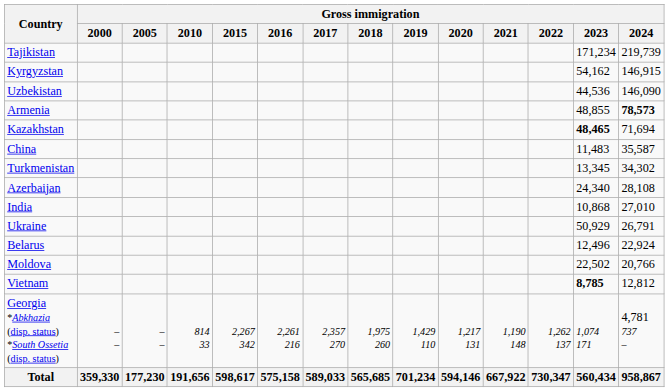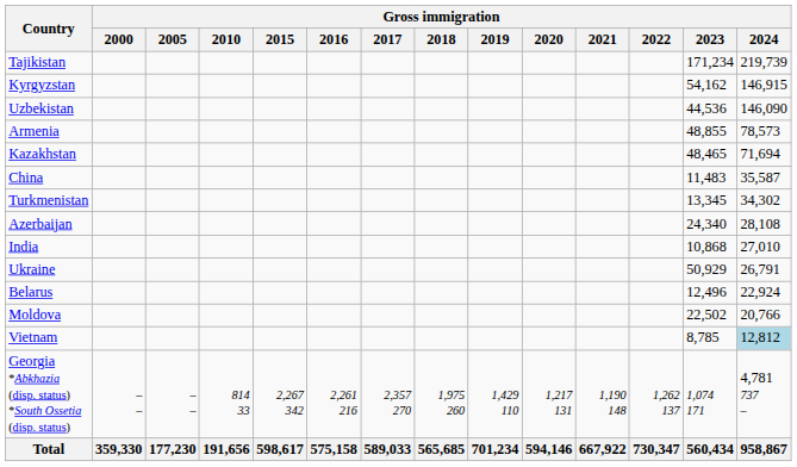 <table class="nowrap sortable mw-datatable wikitable sortable">
 <tr>
 <th rowspan=2>Country</th>
 <th colspan="13">Gross immigration</th>
 </tr>
 <tr>
 <th>2000</th>
 <th>2005</th>
 <th>2010</th>
 <th>2015</th>
 <th>2016</th>
 <th>2017</th>
 <th>2018</th>
 <th>2019</th>
 <th>2020</th>
 <th>2021</th>
 <th>2022</th>
 <th>2023</th>
 <th>2024</th>
 </tr>
 <tr>
 <td> <a href='#'>Tajikistan</a></td>
 <td style="text-align:right;"></td>
 <td style="text-align:right;"></td>
 <td style="text-align:right;"></td>
 <td style="text-align:right;"></td>
 <td style="text-align:right;"></td>
 <td style="text-align:right;"></td>
 <td style="text-align:right;"></td>
 <td style="text-align:right;"></td>
 <td style="text-align:right;"></td>
 <td style="text-align:right;"></td>
 <td style="text-align:right;"></td>
 <td>171,234</td>
 <td>219,739</td>
 </tr>
 <tr>
 <td> <a href='#'>Kyrgyzstan</a></td>
 <td style="text-align:right;"></td>
 <td style="text-align:right;"></td>
 <td style="text-align:right;"></td>
 <td style="text-align:right;"></td>
 <td style="text-align:right;"></td>
 <td style="text-align:right;"></td>
 <td style="text-align:right;"></td>
 <td style="text-align:right;"></td>
 <td style="text-align:right;"></td>
 <td style="text-align:right;"></td>
 <td style="text-align:right;"></td>
 <td>54,162</td>
 <td>146,915</td>
 </tr>
 <tr>
 <td> <a href='#'>Uzbekistan</a></td>
 <td style="text-align:right;"></td>
 <td style="text-align:right;"></td>
 <td style="text-align:right;"></td>
 <td style="text-align:right;"></td>
 <td style="text-align:right;"></td>
 <td style="text-align:right;"></td>
 <td style="text-align:right;"></td>
 <td style="text-align:right;"></td>
 <td style="text-align:right;"></td>
 <td style="text-align:right;"></td>
 <td style="text-align:right;"></td>
 <td>44,536</td>
 <td>146,090</td>
 </tr>
 <tr>
 <td> <a href='#'>Armenia</a></td>
 <td style="text-align:right;"></td>
 <td style="text-align:right;"></td>
 <td style="text-align:right;"></td>
 <td style="text-align:right;"></td>
 <td style="text-align:right;"></td>
 <td style="text-align:right;"></td>
 <td style="text-align:right;"></td>
 <td style="text-align:right;"></td>
 <td style="text-align:right;"></td>
 <td style="text-align:right;"></td>
 <td style="text-align:right;"></td>
 <td>48,855</td>
-<td><strong>78,573</strong></td>
+<td>78,573</td>
 </tr>
 <tr>
 <td> <a href='#'>Kazakhstan</a></td>
 <td style="text-align:right;"></td>
 <td style="text-align:right;"></td>
 <td style="text-align:right;"></td>
 <td style="text-align:right;"></td>
 <td style="text-align:right;"></td>
 <td style="text-align:right;"></td>
 <td style="text-align:right;"></td>
 <td style="text-align:right;"></td>
 <td style="text-align:right;"></td>
 <td style="text-align:right;"></td>
 <td style="text-align:right;"></td>
-<td><strong>48,465</strong></td>
+<td>48,465</td>
 <td>71,694</td>
 </tr>
 <tr>
 <td> <a href='#'>China</a></td>
 <td style="text-align:right;"></td>
 <td style="text-align:right;"></td>
 <td style="text-align:right;"></td>
 <td style="text-align:right;"></td>
 <td style="text-align:right;"></td>
 <td style="text-align:right;"></td>
 <td style="text-align:right;"></td>
 <td style="text-align:right;"></td>
 <td style="text-align:right;"></td>
 <td style="text-align:right;"></td>
 <td style="text-align:right;"></td>
 <td>11,483</td>
 <td>35,587</td>
 </tr>
 <tr>
 <td> <a href='#'>Turkmenistan</a></td>
 <td style="text-align:right;"></td>
 <td style="text-align:right;"></td>
 <td style="text-align:right;"></td>
 <td style="text-align:right;"></td>
 <td style="text-align:right;"></td>
 <td style="text-align:right;"></td>
 <td style="text-align:right;"></td>
 <td style="text-align:right;"></td>
 <td style="text-align:right;"></td>
 <td style="text-align:right;"></td>
 <td style="text-align:right;"></td>
 <td>13,345</td>
 <td>34,302</td>
 </tr>
 <tr>
 <td> <a href='#'>Azerbaijan</a></td>
 <td style="text-align:right;"></td>
 <td style="text-align:right;"></td>
 <td style="text-align:right;"></td>
 <td style="text-align:right;"></td>
 <td style="text-align:right;"></td>
 <td style="text-align:right;"></td>
 <td style="text-align:right;"></td>
 <td style="text-align:right;"></td>
 <td style="text-align:right;"></td>
 <td style="text-align:right;"></td>
 <td style="text-align:right;"></td>
 <td>24,340</td>
 <td>28,108</td>
 </tr>
 <tr>
 <td> <a href='#'>India</a></td>
 <td style="text-align:right;"></td>
 <td style="text-align:right;"></td>
 <td style="text-align:right;"></td>
 <td style="text-align:right;"></td>
 <td style="text-align:right;"></td>
 <td style="text-align:right;"></td>
 <td style="text-align:right;"></td>
 <td style="text-align:right;"></td>
 <td style="text-align:right;"></td>
 <td style="text-align:right;"></td>
 <td style="text-align:right;"></td>
 <td>10,868</td>
 <td>27,010</td>
 </tr>
 <tr>
 <td> <a href='#'>Ukraine</a></td>
 <td style="text-align:right;"></td>
 <td style="text-align:right;"></td>
 <td style="text-align:right;"></td>
 <td style="text-align:right;"></td>
 <td style="text-align:right;"></td>
 <td style="text-align:right;"></td>
 <td style="text-align:right;"></td>
 <td style="text-align:right;"></td>
 <td style="text-align:right;"></td>
 <td style="text-align:right;"></td>
 <td style="text-align:right;"></td>
 <td>50,929</td>
 <td>26,791</td>
 </tr>
 <tr>
 <td> <a href='#'>Belarus</a></td>
 <td style="text-align:right;"></td>
 <td style="text-align:right;"></td>
 <td style="text-align:right;"></td>
 <td style="text-align:right;"></td>
 <td style="text-align:right;"></td>
 <td style="text-align:right;"></td>
 <td style="text-align:right;"></td>
 <td style="text-align:right;"></td>
 <td style="text-align:right;"></td>
 <td style="text-align:right;"></td>
 <td style="text-align:right;"></td>
 <td>12,496</td>
 <td>22,924</td>
 </tr>
 <tr>
 <td> <a href='#'>Moldova</a></td>
 <td style="text-align:right;"></td>
 <td style="text-align:right;"></td>
 <td style="text-align:right;"></td>
 <td style="text-align:right;"></td>
 <td style="text-align:right;"></td>
 <td style="text-align:right;"></td>
 <td style="text-align:right;"></td>
 <td style="text-align:right;"></td>
 <td style="text-align:right;"></td>
 <td style="text-align:right;"></td>
 <td style="text-align:right;"></td>
 <td>22,502</td>
 <td>20,766</td>
 </tr>
 <tr>
 <td> <a href='#'>Vietnam</a></td>
 <td style="text-align:right;"></td>
 <td style="text-align:right;"></td>
 <td style="text-align:right;"></td>
 <td style="text-align:right;"></td>
 <td style="text-align:right;"></td>
 <td style="text-align:right;"></td>
 <td style="text-align:right;"></td>
 <td style="text-align:right;"></td>
 <td style="text-align:right;"></td>
 <td style="text-align:right;"></td>
 <td style="text-align:right;"></td>
-<td><strong>8,785</strong></td>
-<td>12,812</td>
+<td>8,785</td>
+<td style="background: lightblue;">12,812</td>
 </tr>
 <tr>
 <td> <a href='#'>Georgia</a><br><small>*<em><a href='#'>Abkhazia</a></em> (<a href='#'>disp. status</a>)<br>*<em><a href='#'>South Ossetia</a></em> (<a href='#'>disp. status</a>) </small></td>
 <td style="text-align:right;"><br><small>–<br>–</small></td>
 <td style="text-align:right;"><br><small>–<br>–</small></td>
 <td style="text-align:right;"><br><small><em>814</em><br><em>33</em></small></td>
 <td style="text-align:right;"><br><small><em>2,267</em><br><em>342</em></small></td>
 <td style="text-align:right;"><br><small><em>2,261</em><br><em>216</em></small></td>
 <td style="text-align:right;"><br><small><em>2,357</em><br><em>270</em></small></td>
 <td style="text-align:right;"><br><small><em>1,975</em><br><em>260</em></small></td>
 <td style="text-align:right;"><br><small><em>1,429</em><br><em>110</em></small></td>
 <td style="text-align:right;"><br><small><em>1,217</em><br><em>131</em></small></td>
 <td style="text-align:right;"><br><small><em>1,190</em><br><em>148</em></small></td>
 <td style="text-align:right;"><br><small><em>1,262</em><br><em>137</em></small></td>
 <td><br><small><em>1,074</em><br><em>171</em></small></td>
 <td>4,781<br><small><em>737</em><br><em>–</em></small></td>
 </tr>
 <tr>
 <th>Total</th>
 <th>359,330</th>
 <th>177,230</th>
 <th>191,656</th>
 <th>598,617</th>
 <th>575,158</th>
 <th>589,033</th>
 <th>565,685</th>
 <th>701,234</th>
 <th>594,146</th>
 <th>667,922</th>
 <th>730,347</th>
 <th>560,434</th>
 <th>958,867</th>
 </tr>
 </table>
